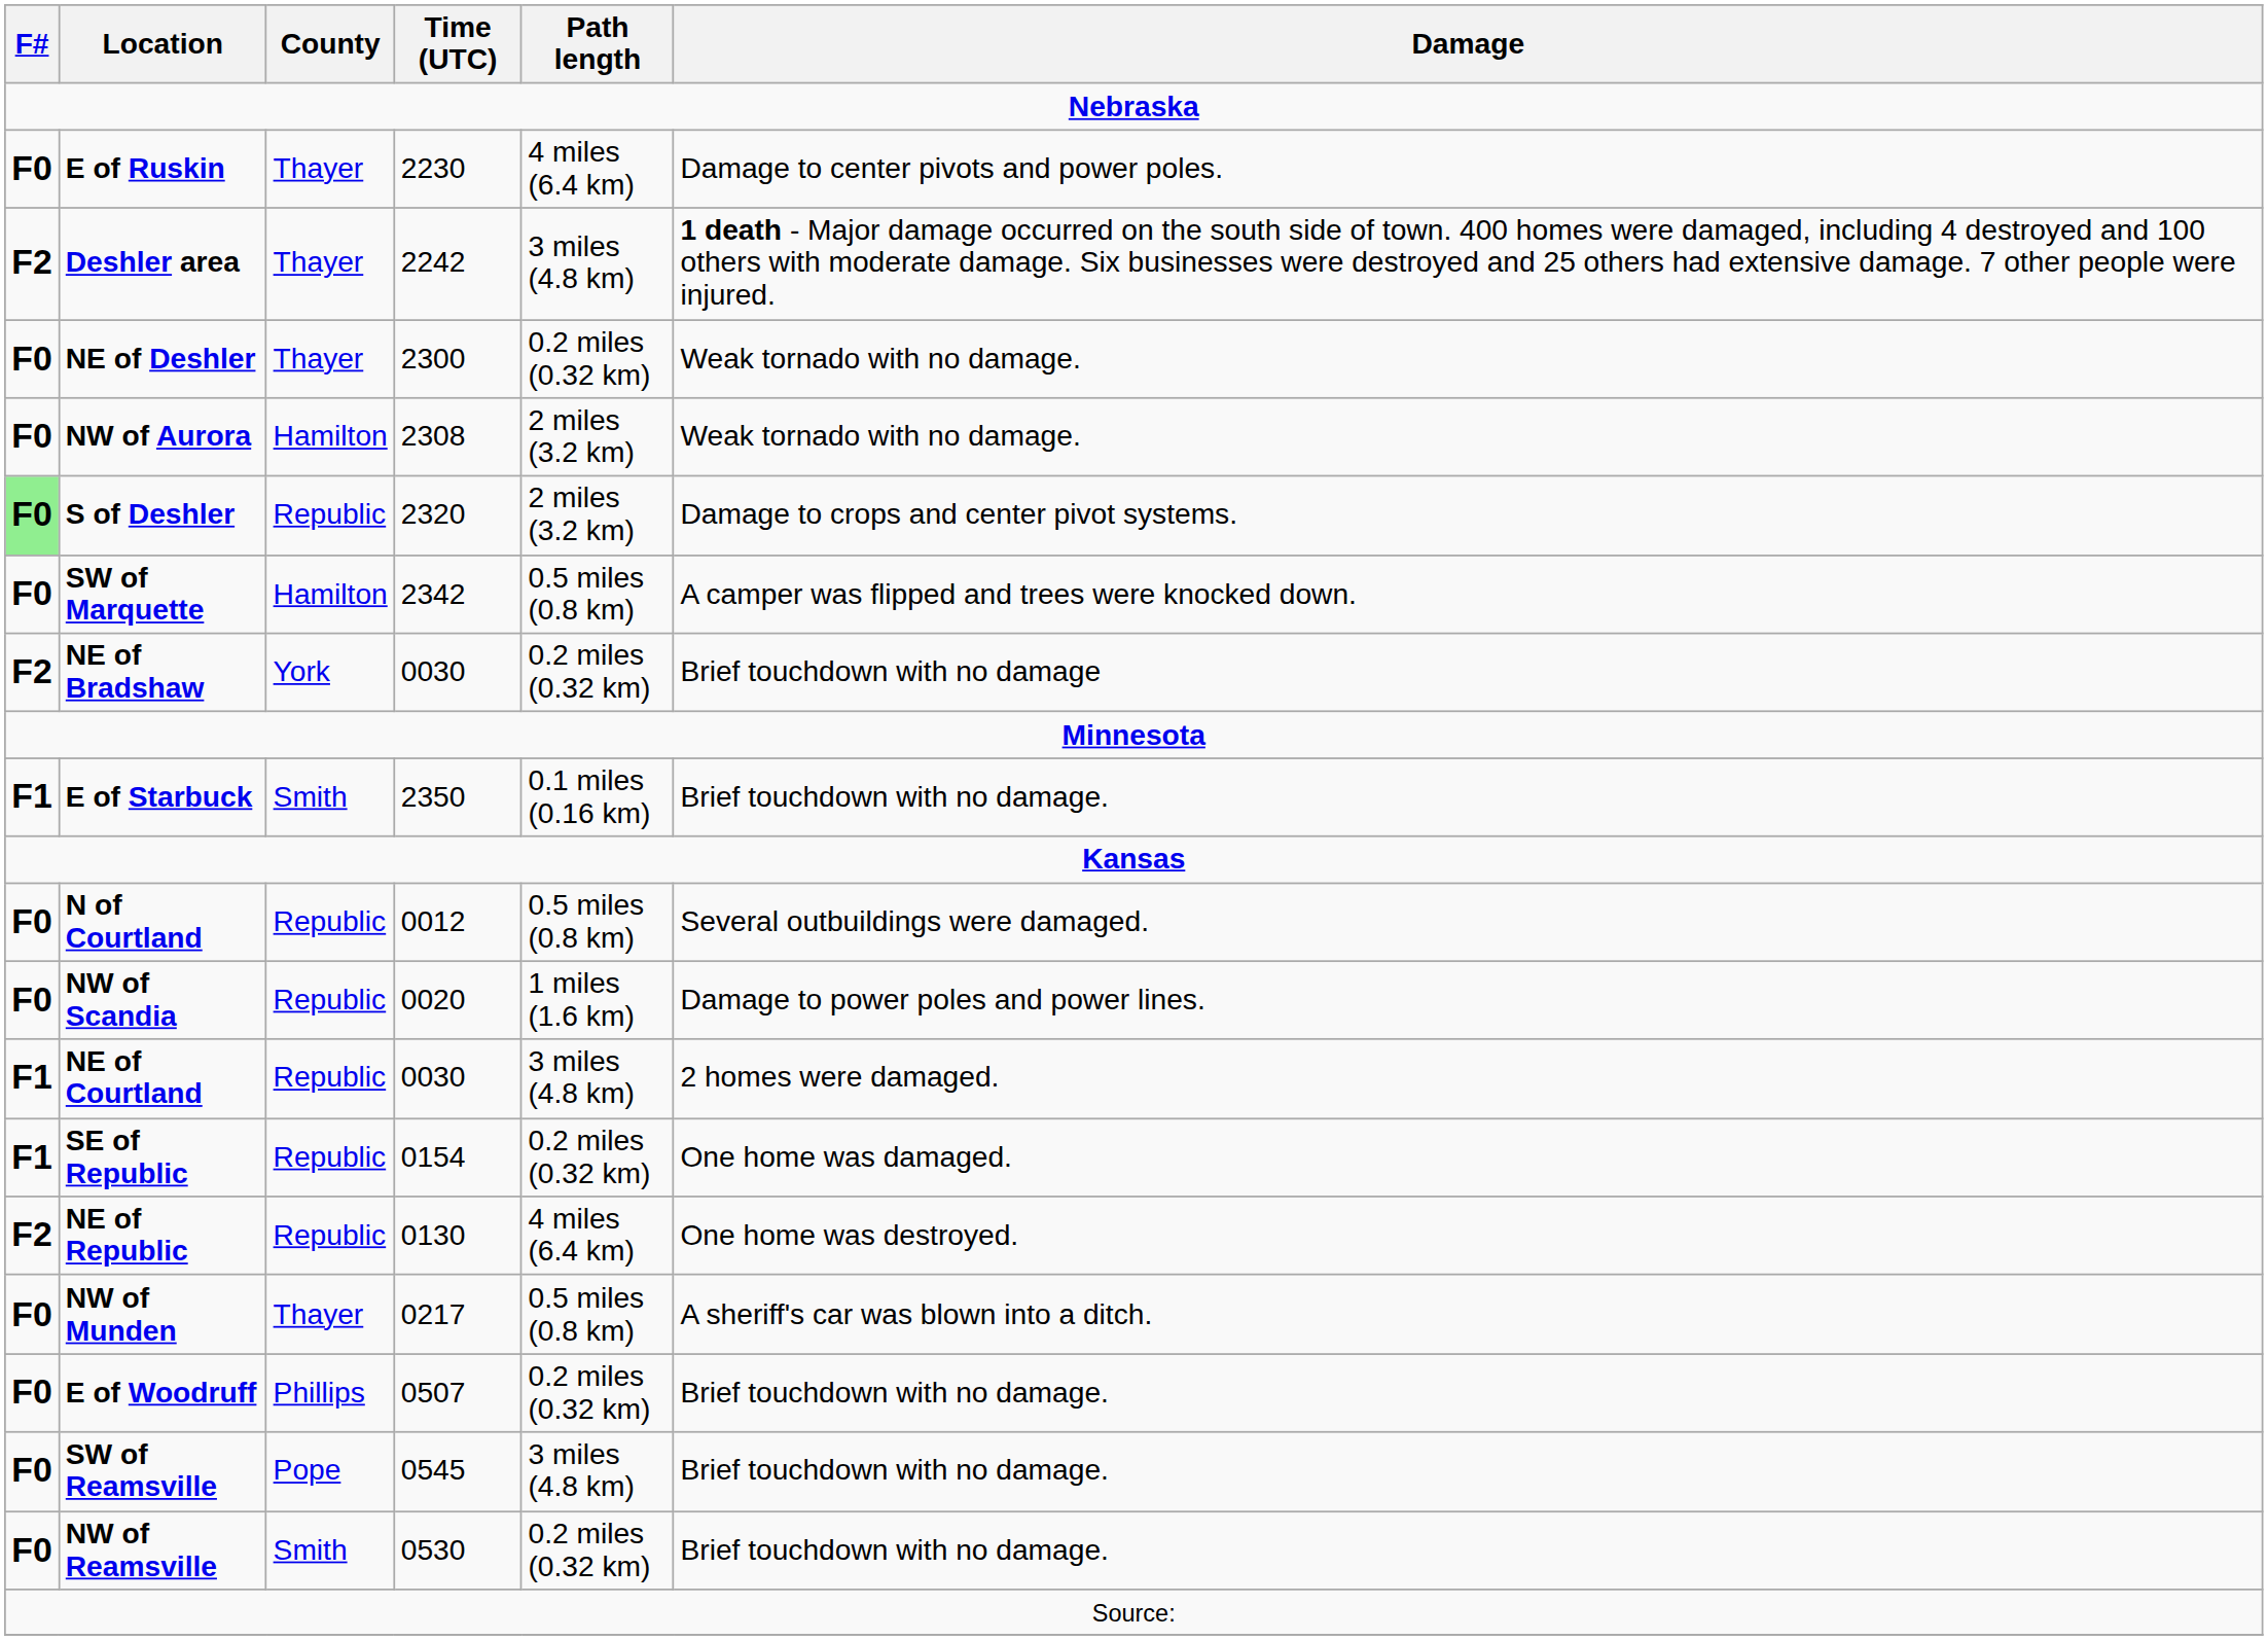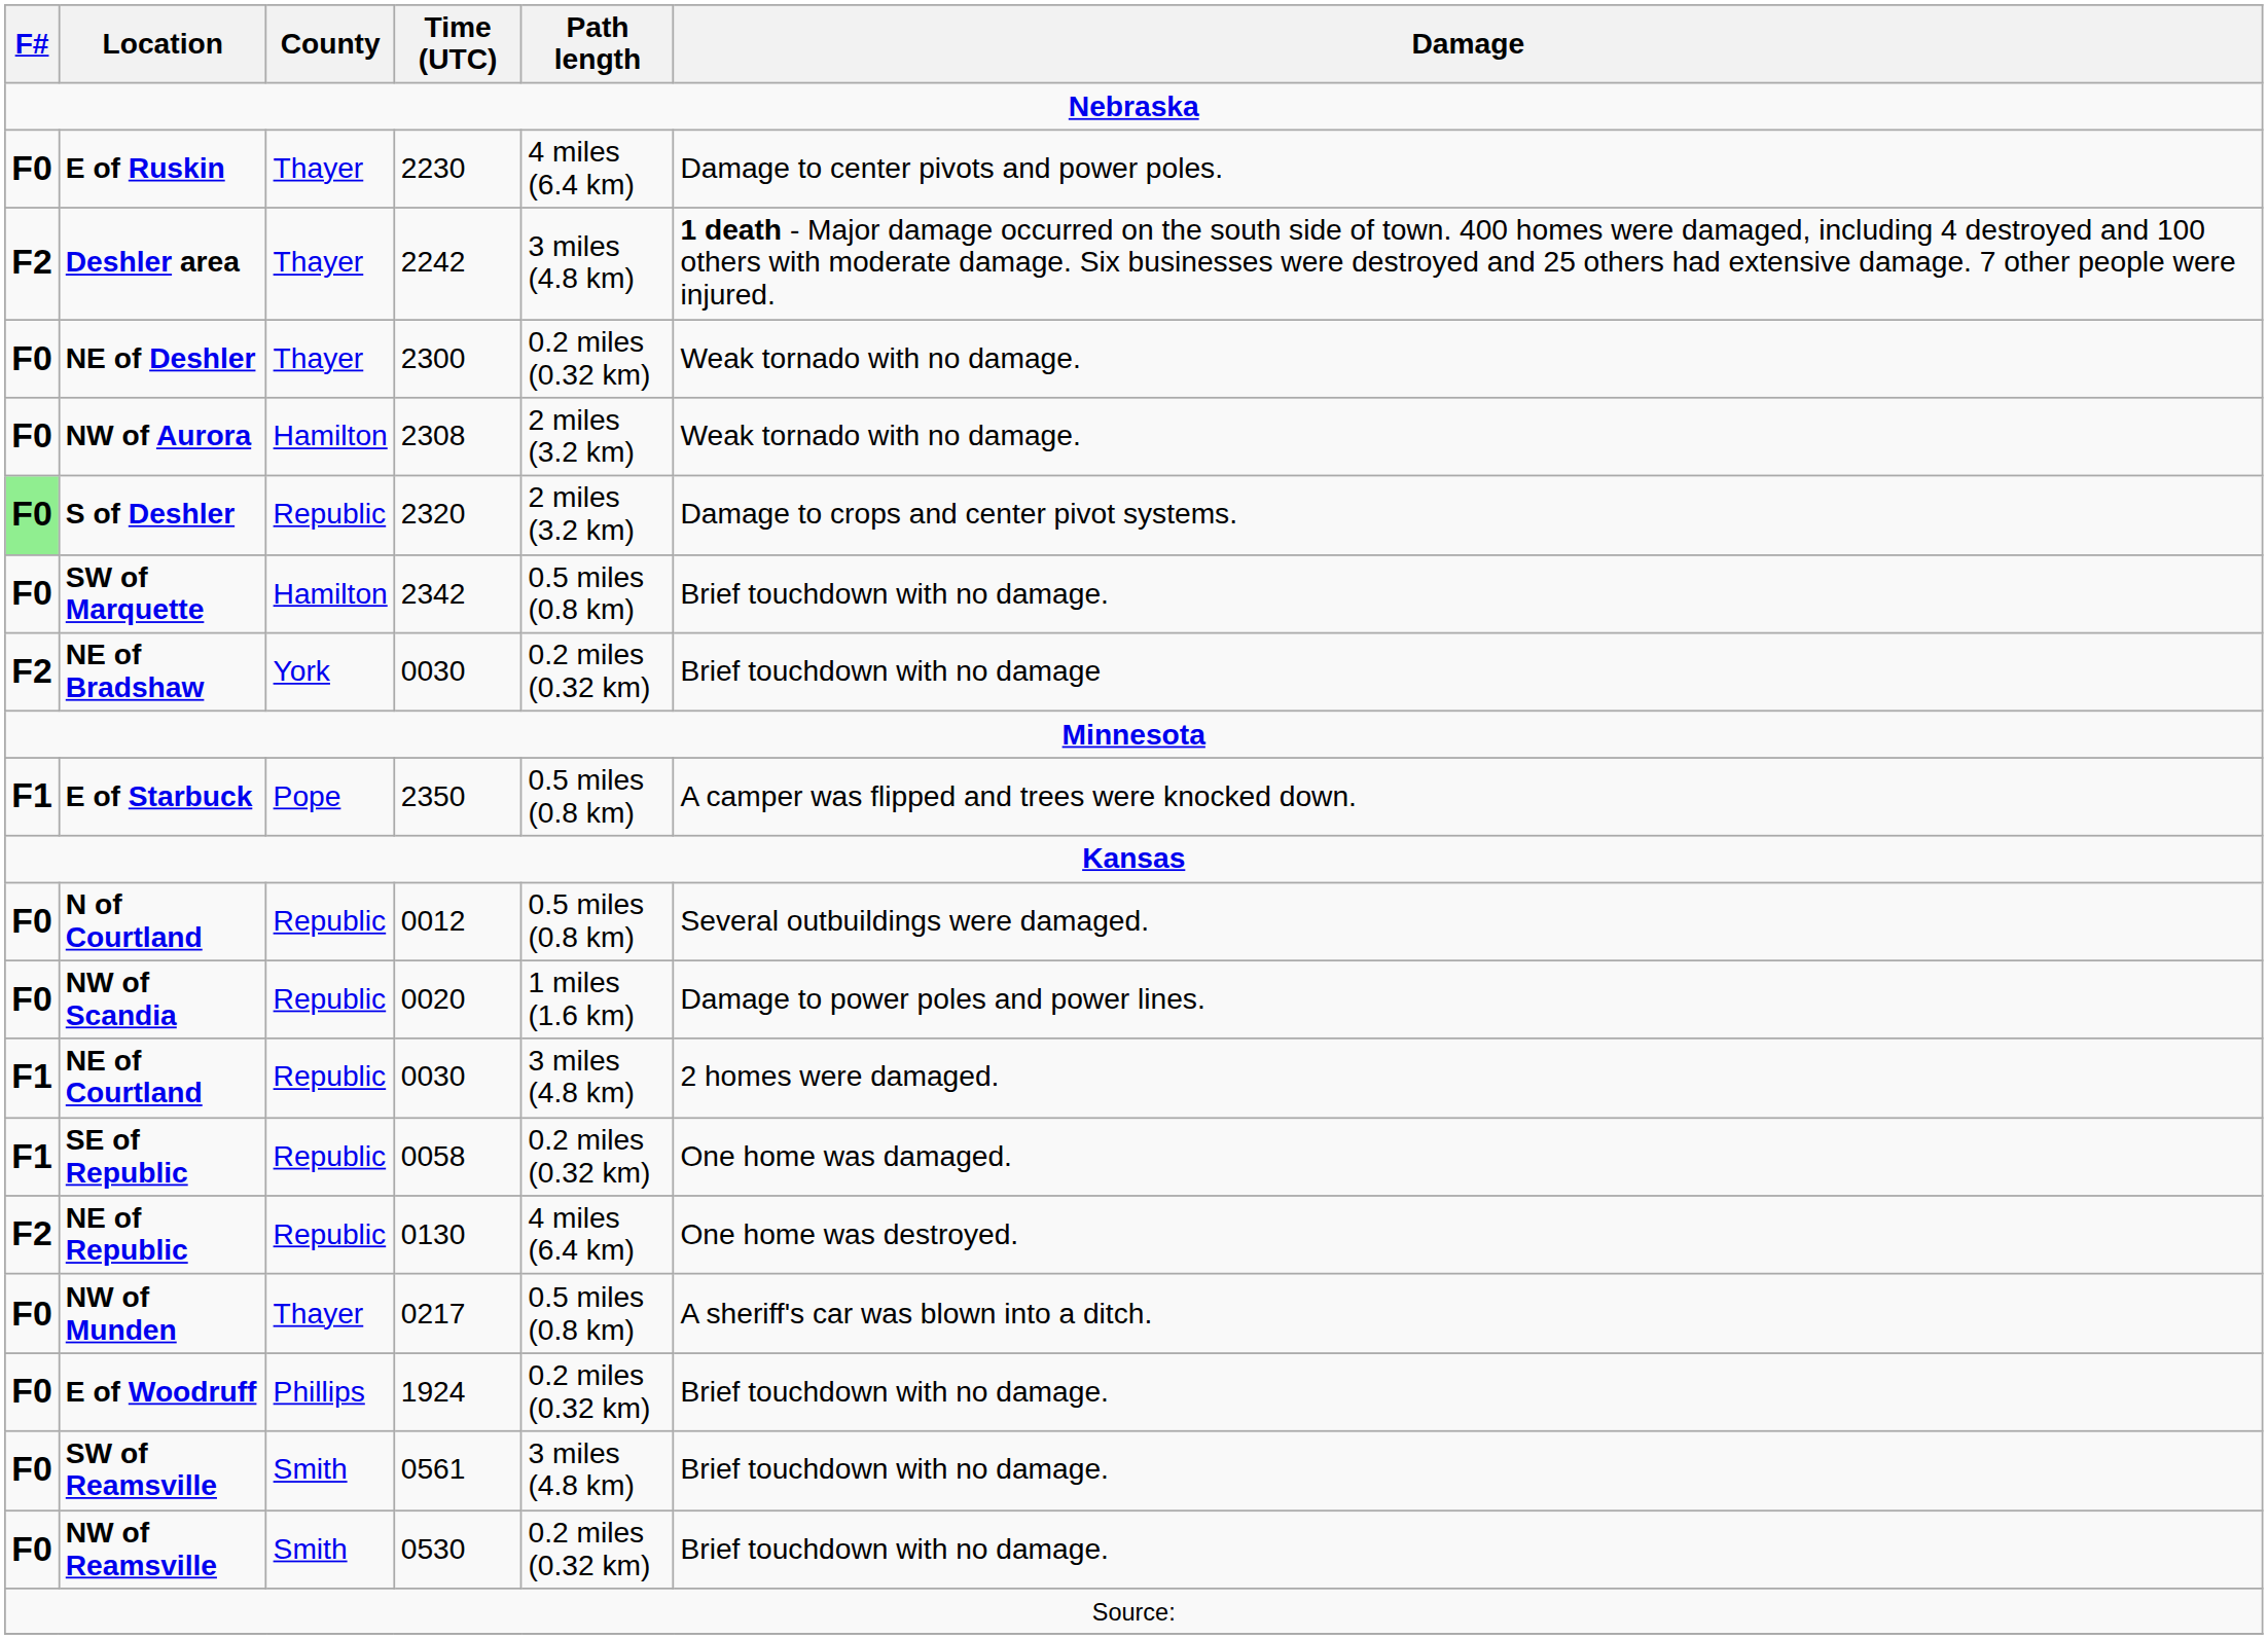 <table class="wikitable">
 <tr>
 <th><strong><a href='#'>F#</a></strong></th>
 <th><strong>Location</strong></th>
 <th><strong>County</strong></th>
 <th><strong>Time (UTC)</strong></th>
 <th><strong>Path length</strong></th>
 <th><strong>Damage</strong></th>
 </tr>
 <tr>
 <td colspan="7" align=center><strong><a href='#'>Nebraska</a></strong></td>
 </tr>
 <tr>
 <td><big><strong>F0</strong></big></td>
 <td><strong>E of <a href='#'>Ruskin</a></strong></td>
 <td><a href='#'>Thayer</a></td>
 <td>2230</td>
 <td>4 miles <br>(6.4 km)</td>
 <td>Damage to center pivots and power poles.</td>
 </tr>
 <tr>
 <td><big><strong>F2</strong></big></td>
 <td><strong><a href='#'>Deshler</a> area</strong></td>
 <td><a href='#'>Thayer</a></td>
 <td>2242</td>
 <td>3 miles <br>(4.8 km)</td>
 <td><strong>1 death</strong> - Major damage occurred on the south side of town. 400 homes were damaged, including 4 destroyed and 100 others with moderate damage. Six businesses were destroyed and 25 others had extensive damage. 7 other people were injured.</td>
 </tr>
 <tr>
 <td><big><strong>F0</strong></big></td>
 <td><strong>NE of <a href='#'>Deshler</a></strong></td>
 <td><a href='#'>Thayer</a></td>
 <td>2300</td>
 <td>0.2 miles <br>(0.32 km)</td>
 <td>Weak tornado with no damage.</td>
 </tr>
 <tr>
 <td><big><strong>F0</strong></big></td>
 <td><strong>NW of <a href='#'>Aurora</a></strong></td>
 <td><a href='#'>Hamilton</a></td>
 <td>2308</td>
 <td>2 miles <br>(3.2 km)</td>
 <td>Weak tornado with no damage.</td>
 </tr>
 <tr>
 <td style="background: lightgreen;"><big><strong>F0</strong></big></td>
 <td><strong>S of <a href='#'>Deshler</a></strong></td>
 <td><a href='#'>Republic</a></td>
 <td>2320</td>
 <td>2 miles <br>(3.2 km)</td>
 <td>Damage to crops and center pivot systems.</td>
 </tr>
 <tr>
 <td><big><strong>F0</strong></big></td>
 <td><strong>SW of <a href='#'>Marquette</a></strong></td>
 <td><a href='#'>Hamilton</a></td>
 <td>2342</td>
 <td>0.5 miles <br>(0.8 km)</td>
-<td>A camper was flipped and trees were knocked down.</td>
+<td>Brief touchdown with no damage.</td>
 </tr>
 <tr>
 <td><big><strong>F2</strong></big></td>
 <td><strong>NE of <a href='#'>Bradshaw</a></strong></td>
 <td><a href='#'>York</a></td>
 <td>0030</td>
 <td>0.2 miles <br>(0.32 km)</td>
 <td>Brief touchdown with no damage</td>
 </tr>
 <tr>
 <td colspan="7" align=center><strong><a href='#'>Minnesota</a></strong></td>
 </tr>
 <tr>
 <td><big><strong>F1</strong></big></td>
 <td><strong>E of <a href='#'>Starbuck</a></strong></td>
-<td><a href='#'>Smith</a></td>
+<td><a href='#'>Pope</a></td>
 <td>2350</td>
-<td>0.1 miles <br>(0.16 km)</td>
-<td>Brief touchdown with no damage.</td>
+<td>0.5 miles <br>(0.8 km)</td>
+<td>A camper was flipped and trees were knocked down.</td>
 </tr>
 <tr>
 <td colspan="7" align=center><strong><a href='#'>Kansas</a></strong></td>
 </tr>
 <tr>
 <td><big><strong>F0</strong></big></td>
 <td><strong>N of <a href='#'>Courtland</a></strong></td>
 <td><a href='#'>Republic</a></td>
 <td>0012</td>
 <td>0.5 miles <br>(0.8 km)</td>
 <td>Several outbuildings were damaged.</td>
 </tr>
 <tr>
 <td><big><strong>F0</strong></big></td>
 <td><strong>NW of <a href='#'>Scandia</a></strong></td>
 <td><a href='#'>Republic</a></td>
 <td>0020</td>
 <td>1 miles <br>(1.6 km)</td>
 <td>Damage to power poles and power lines.</td>
 </tr>
 <tr>
 <td><big><strong>F1</strong></big></td>
 <td><strong>NE of <a href='#'>Courtland</a></strong></td>
 <td><a href='#'>Republic</a></td>
 <td>0030</td>
 <td>3 miles <br>(4.8 km)</td>
 <td>2 homes were damaged.</td>
 </tr>
 <tr>
 <td><big><strong>F1</strong></big></td>
 <td><strong>SE of <a href='#'>Republic</a></strong></td>
 <td><a href='#'>Republic</a></td>
-<td>0154</td>
+<td>0058</td>
 <td>0.2 miles <br>(0.32 km)</td>
 <td>One home was damaged.</td>
 </tr>
 <tr>
 <td><big><strong>F2</strong></big></td>
 <td><strong>NE of <a href='#'>Republic</a></strong></td>
 <td><a href='#'>Republic</a></td>
 <td>0130</td>
 <td>4 miles <br>(6.4 km)</td>
 <td>One home was destroyed.</td>
 </tr>
 <tr>
 <td><big><strong>F0</strong></big></td>
 <td><strong>NW of <a href='#'>Munden</a></strong></td>
 <td><a href='#'>Thayer</a></td>
 <td>0217</td>
 <td>0.5 miles <br>(0.8 km)</td>
 <td>A sheriff's car was blown into a ditch.</td>
 </tr>
 <tr>
 <td><big><strong>F0</strong></big></td>
 <td><strong>E of <a href='#'>Woodruff</a></strong></td>
 <td><a href='#'>Phillips</a></td>
-<td>0507</td>
+<td>1924</td>
 <td>0.2 miles <br>(0.32 km)</td>
 <td>Brief touchdown with no damage.</td>
 </tr>
 <tr>
 <td><big><strong>F0</strong></big></td>
 <td><strong>SW of <a href='#'>Reamsville</a></strong></td>
-<td><a href='#'>Pope</a></td>
-<td>0545</td>
+<td><a href='#'>Smith</a></td>
+<td>0561</td>
 <td>3 miles <br>(4.8 km)</td>
 <td>Brief touchdown with no damage.</td>
 </tr>
 <tr>
 <td><big><strong>F0</strong></big></td>
 <td><strong>NW of <a href='#'>Reamsville</a></strong></td>
 <td><a href='#'>Smith</a></td>
 <td>0530</td>
 <td>0.2 miles <br>(0.32 km)</td>
 <td>Brief touchdown with no damage.</td>
 </tr>
 <tr>
 <td colspan="7" align=center><small>Source: </small></td>
 </tr>
 <tr>
 </tr>
 </table>
